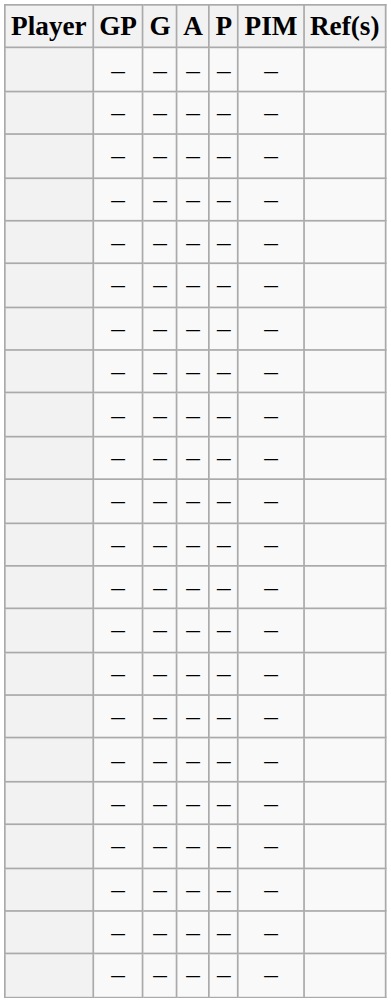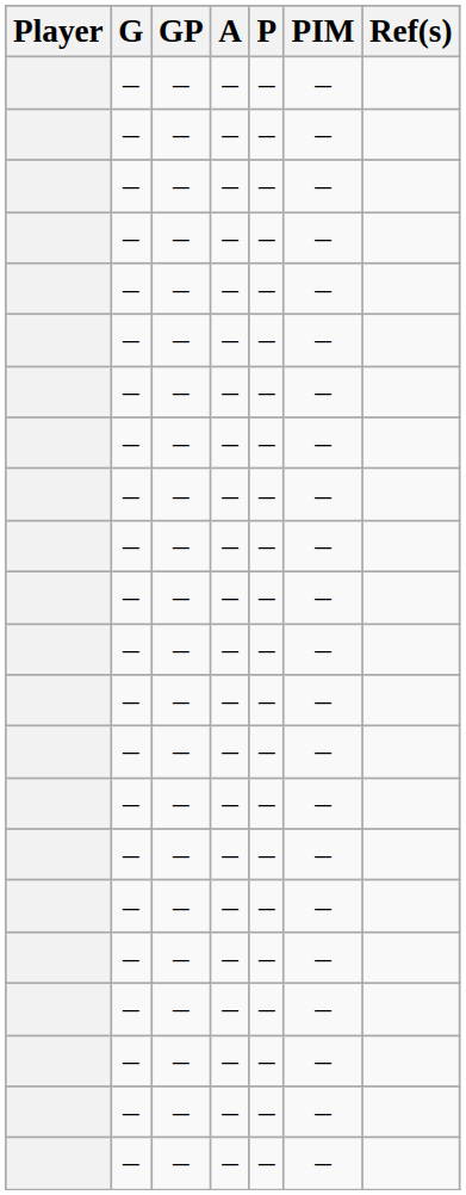 <table class="wikitable sortable plainrowheaders" style="text-align:center;">
 <tr>
 <th scope="col">Player</th>
+<th scope="col">G</th>
 <th scope="col">GP</th>
-<th scope="col">G</th>
 <th scope="col">A</th>
 <th scope="col">P</th>
 <th scope="col">PIM</th>
 <th scope="col" class="unsortable">Ref(s)</th>
 </tr>
 <tr>
 <th scope="row"></th>
 <td>–</td>
 <td>–</td>
 <td>–</td>
 <td>–</td>
 <td>–</td>
 <td align=center></td>
 </tr>
 <tr>
 <th scope="row"></th>
 <td>–</td>
 <td>–</td>
 <td>–</td>
 <td>–</td>
 <td>–</td>
 <td align=center></td>
 </tr>
 <tr>
 <th scope="row"></th>
 <td>–</td>
 <td>–</td>
 <td>–</td>
 <td>–</td>
 <td>–</td>
 <td align=center></td>
 </tr>
 <tr>
 <th scope="row"></th>
 <td>–</td>
 <td>–</td>
 <td>–</td>
 <td>–</td>
 <td>–</td>
 <td align=center></td>
 </tr>
 <tr>
 <th scope="row"></th>
 <td>–</td>
 <td>–</td>
 <td>–</td>
 <td>–</td>
 <td>–</td>
 <td align=center></td>
 </tr>
 <tr>
 <th scope="row"></th>
 <td>–</td>
 <td>–</td>
 <td>–</td>
 <td>–</td>
 <td>–</td>
 <td align=center></td>
 </tr>
 <tr>
 <th scope="row"></th>
 <td>–</td>
 <td>–</td>
 <td>–</td>
 <td>–</td>
 <td>–</td>
 <td align=center></td>
 </tr>
 <tr>
 <th scope="row"></th>
 <td>–</td>
 <td>–</td>
 <td>–</td>
 <td>–</td>
 <td>–</td>
 <td align=center></td>
 </tr>
 <tr>
 <th scope="row"></th>
 <td>–</td>
 <td>–</td>
 <td>–</td>
 <td>–</td>
 <td>–</td>
 <td align=center></td>
 </tr>
 <tr>
 <th scope="row"></th>
 <td>–</td>
 <td>–</td>
 <td>–</td>
 <td>–</td>
 <td>–</td>
 <td align=center></td>
 </tr>
 <tr>
 <th scope="row"></th>
 <td>–</td>
 <td>–</td>
 <td>–</td>
 <td>–</td>
 <td>–</td>
 <td align=center></td>
 </tr>
 <tr>
 <th scope="row"></th>
 <td>–</td>
 <td>–</td>
 <td>–</td>
 <td>–</td>
 <td>–</td>
 <td align=center></td>
 </tr>
 <tr>
 <th scope="row"></th>
 <td>–</td>
 <td>–</td>
 <td>–</td>
 <td>–</td>
 <td>–</td>
 <td align=center></td>
 </tr>
 <tr>
 <th scope="row"></th>
 <td>–</td>
 <td>–</td>
 <td>–</td>
 <td>–</td>
 <td>–</td>
 <td align=center></td>
 </tr>
 <tr>
 <th scope="row"></th>
 <td>–</td>
 <td>–</td>
 <td>–</td>
 <td>–</td>
 <td>–</td>
 <td align=center></td>
 </tr>
 <tr>
 <th scope="row"></th>
 <td>–</td>
 <td>–</td>
 <td>–</td>
 <td>–</td>
 <td>–</td>
 <td align=center></td>
 </tr>
 <tr>
 <th scope="row"></th>
 <td>–</td>
 <td>–</td>
 <td>–</td>
 <td>–</td>
 <td>–</td>
 <td align=center></td>
 </tr>
 <tr>
 <th scope="row"></th>
 <td>–</td>
 <td>–</td>
 <td>–</td>
 <td>–</td>
 <td>–</td>
 <td align=center></td>
 </tr>
 <tr>
 <th scope="row"></th>
 <td>–</td>
 <td>–</td>
 <td>–</td>
 <td>–</td>
 <td>–</td>
 <td align=center></td>
 </tr>
 <tr>
 <th scope="row"></th>
 <td>–</td>
 <td>–</td>
 <td>–</td>
 <td>–</td>
 <td>–</td>
 <td align=center></td>
 </tr>
 <tr>
 <th scope="row"></th>
 <td>–</td>
 <td>–</td>
 <td>–</td>
 <td>–</td>
 <td>–</td>
 <td align=center></td>
 </tr>
 <tr>
 <th scope="row"></th>
 <td>–</td>
 <td>–</td>
 <td>–</td>
 <td>–</td>
 <td>–</td>
 <td align=center></td>
 </tr>
 </table>
